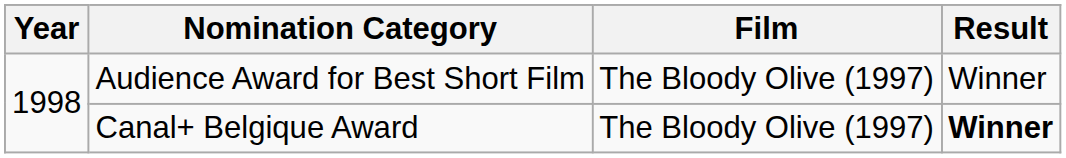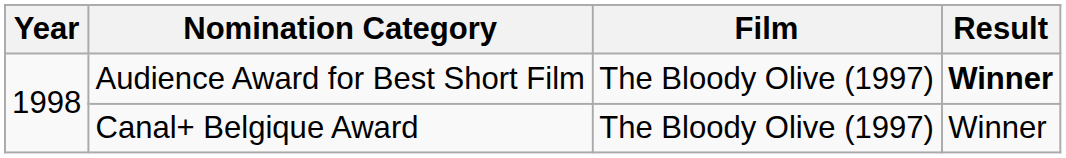 <table class="wikitable">
 <tr>
 <th>Year</th>
 <th>Nomination Category</th>
 <th>Film</th>
 <th>Result</th>
 </tr>
 <tr>
 <td rowspan="2">1998</td>
 <td>Audience Award for Best Short Film</td>
 <td>The Bloody Olive (1997)</td>
-<td>Winner</td>
+<td><strong>Winner</strong></td>
 </tr>
 <tr>
 <td>Canal+ Belgique Award</td>
 <td>The Bloody Olive (1997)</td>
-<td><strong>Winner</strong></td>
+<td>Winner</td>
 </tr>
 </table>
